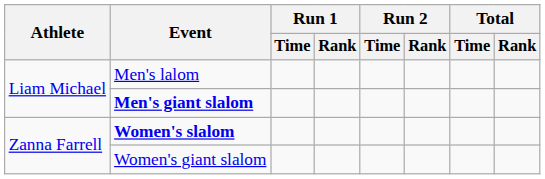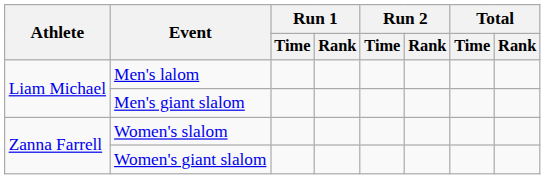 <table class="wikitable" style="font-size:90%">
 <tr>
 <th rowspan=2>Athlete</th>
 <th rowspan=2>Event</th>
 <th colspan=2>Run 1</th>
 <th colspan=2>Run 2</th>
 <th colspan=2>Total</th>
 </tr>
 <tr style="font-size:95%">
 <th>Time</th>
 <th>Rank</th>
 <th>Time</th>
 <th>Rank</th>
 <th>Time</th>
 <th>Rank</th>
 </tr>
 <tr align=center>
 <td align="left" rowspan="2"><a href='#'>Liam Michael</a></td>
 <td align="left"><a href='#'>Men's lalom</a></td>
 <td></td>
 <td></td>
 <td></td>
 <td></td>
 <td></td>
 <td></td>
 </tr>
 <tr align=center>
-<td align="left"><strong><a href='#'>Men's giant slalom</a></strong></td>
+<td align="left"><a href='#'>Men's giant slalom</a></td>
 <td></td>
 <td></td>
 <td></td>
 <td></td>
 <td></td>
 <td></td>
 </tr>
 <tr align=center>
 <td align="left" rowspan="2"><a href='#'>Zanna Farrell</a></td>
-<td align="left"><strong><a href='#'>Women's slalom</a></strong></td>
+<td align="left"><a href='#'>Women's slalom</a></td>
 <td></td>
 <td></td>
 <td></td>
 <td></td>
 <td></td>
 <td></td>
 </tr>
 <tr align=center>
 <td align="left"><a href='#'>Women's giant slalom</a></td>
 <td></td>
 <td></td>
 <td></td>
 <td></td>
 <td></td>
 <td></td>
 </tr>
 </table>
